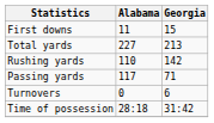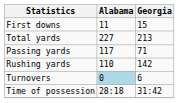 <table class="wikitable" style="float: left;">
 <tr>
 <th>Statistics</th>
 <th>Alabama</th>
 <th>Georgia</th>
 </tr>
 <tr>
 <td>First downs</td>
 <td>11</td>
 <td>15</td>
 </tr>
 <tr>
 <td>Total yards</td>
 <td>227</td>
 <td>213</td>
 </tr>
 <tr>
+<td>Passing yards</td>
+<td>117</td>
+<td>71</td>
+</tr>
+<tr>
 <td>Rushing yards</td>
 <td>110</td>
 <td>142</td>
 </tr>
 <tr>
-<td>Passing yards</td>
-<td>117</td>
-<td>71</td>
-</tr>
-<tr>
 <td>Turnovers</td>
-<td>0</td>
+<td style="background: lightblue;">0</td>
 <td>6</td>
 </tr>
 <tr>
 <td>Time of possession</td>
 <td>28:18</td>
 <td>31:42</td>
 </tr>
 <tr>
 </tr>
 </table>
